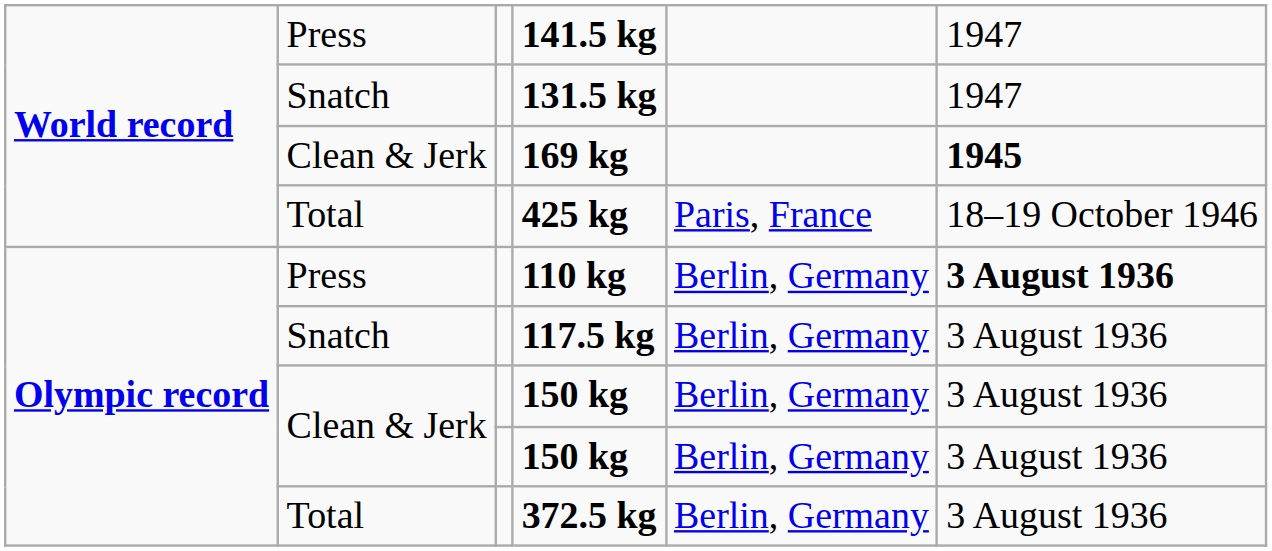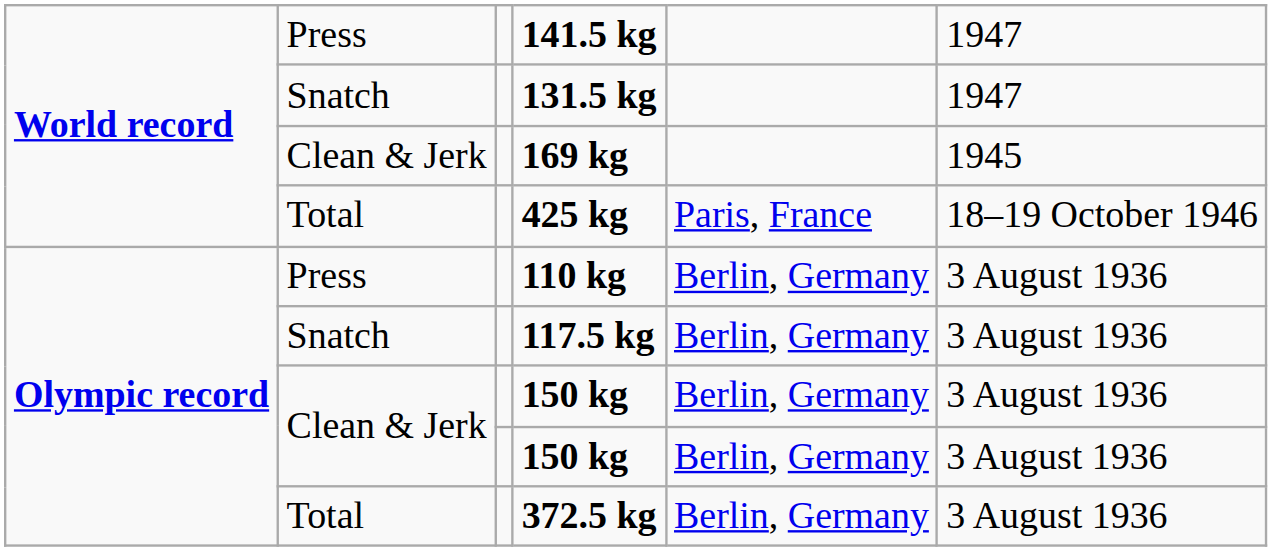 <table class="wikitable">
 <tr>
 <td rowspan=4><strong><a href='#'>World record</a></strong></td>
 <td>Press</td>
 <td></td>
 <td><strong>141.5 kg</strong></td>
 <td></td>
 <td>1947</td>
 </tr>
 <tr>
 <td>Snatch</td>
 <td></td>
 <td><strong>131.5 kg</strong></td>
 <td></td>
 <td>1947</td>
 </tr>
 <tr>
 <td>Clean & Jerk</td>
 <td></td>
 <td><strong>169 kg</strong></td>
 <td></td>
-<td><strong>1945</strong></td>
+<td>1945</td>
 </tr>
 <tr>
 <td>Total</td>
 <td></td>
 <td><strong>425 kg</strong></td>
 <td><a href='#'>Paris</a>, <a href='#'>France</a></td>
 <td>18–19 October 1946</td>
 </tr>
 <tr>
 <td rowspan=5><strong><a href='#'>Olympic record</a></strong></td>
 <td>Press</td>
 <td></td>
 <td><strong>110 kg</strong></td>
 <td><a href='#'>Berlin</a>, <a href='#'>Germany</a></td>
-<td><strong>3 August 1936</strong></td>
+<td>3 August 1936</td>
 </tr>
 <tr>
 <td>Snatch</td>
 <td></td>
 <td><strong>117.5 kg</strong></td>
 <td><a href='#'>Berlin</a>, <a href='#'>Germany</a></td>
 <td>3 August 1936</td>
 </tr>
 <tr>
 <td rowspan=2>Clean & Jerk</td>
 <td></td>
 <td><strong>150 kg</strong></td>
 <td><a href='#'>Berlin</a>, <a href='#'>Germany</a></td>
 <td>3 August 1936</td>
 </tr>
 <tr>
 <td></td>
 <td><strong>150 kg</strong></td>
 <td><a href='#'>Berlin</a>, <a href='#'>Germany</a></td>
 <td>3 August 1936</td>
 </tr>
 <tr>
 <td>Total</td>
 <td></td>
 <td><strong>372.5 kg</strong></td>
 <td><a href='#'>Berlin</a>, <a href='#'>Germany</a></td>
 <td>3 August 1936</td>
 </tr>
 </table>
